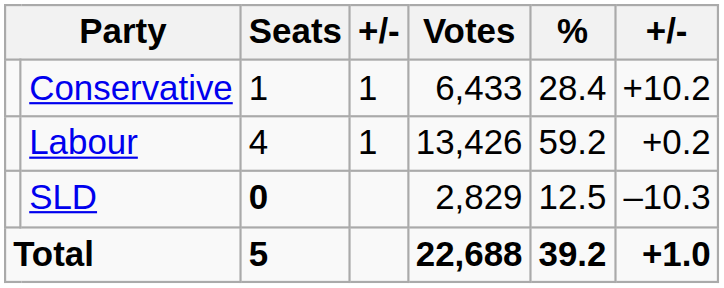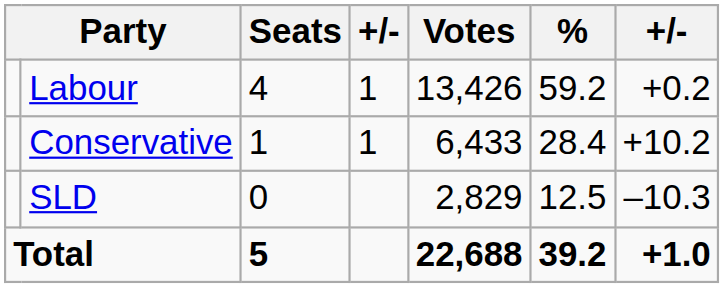 <table class="wikitable sortable">
 <tr>
 <th colspan="2">Party</th>
 <th>Seats</th>
 <th>+/-</th>
 <th>Votes</th>
 <th>%</th>
 <th>+/-</th>
+</tr>
+<tr>
+<td style="background-color: "></td>
+<td><a href='#'>Labour</a></td>
+<td>4</td>
+<td> 1</td>
+<td style="text-align:right;">13,426</td>
+<td style="text-align:right;">59.2</td>
+<td style="text-align:right;">+0.2</td>
 </tr>
 <tr>
 <td style="background-color: "></td>
 <td><a href='#'>Conservative</a></td>
 <td>1</td>
 <td> 1</td>
 <td style="text-align:right;">6,433</td>
 <td style="text-align:right;">28.4</td>
 <td style="text-align:right;">+10.2</td>
 </tr>
 <tr>
 <td style="background-color: "></td>
-<td><a href='#'>Labour</a></td>
-<td>4</td>
-<td> 1</td>
-<td style="text-align:right;">13,426</td>
-<td style="text-align:right;">59.2</td>
-<td style="text-align:right;">+0.2</td>
-</tr>
-<tr>
-<td style="background-color: "></td>
 <td><a href='#'>SLD</a></td>
-<td><strong>0</strong></td>
+<td>0</td>
 <td></td>
 <td style="text-align:right;">2,829</td>
 <td style="text-align:right;">12.5</td>
 <td style="text-align:right;">–10.3</td>
 </tr>
 <tr>
 <td colspan="2"><strong>Total</strong></td>
 <td><strong>5</strong></td>
 <td></td>
 <td style="text-align:right;"><strong>22,688</strong></td>
 <td style="text-align:right;"><strong>39.2</strong></td>
 <td style="text-align:right;"><strong>+1.0</strong></td>
 </tr>
 </table>
